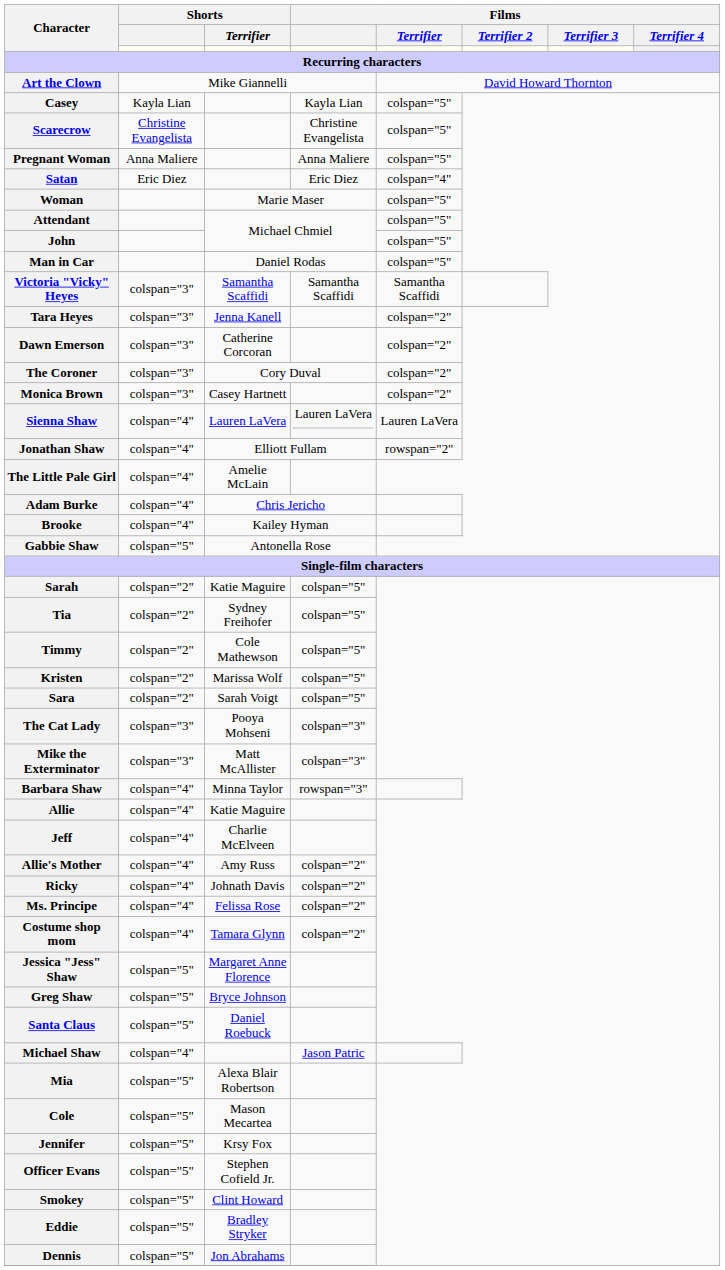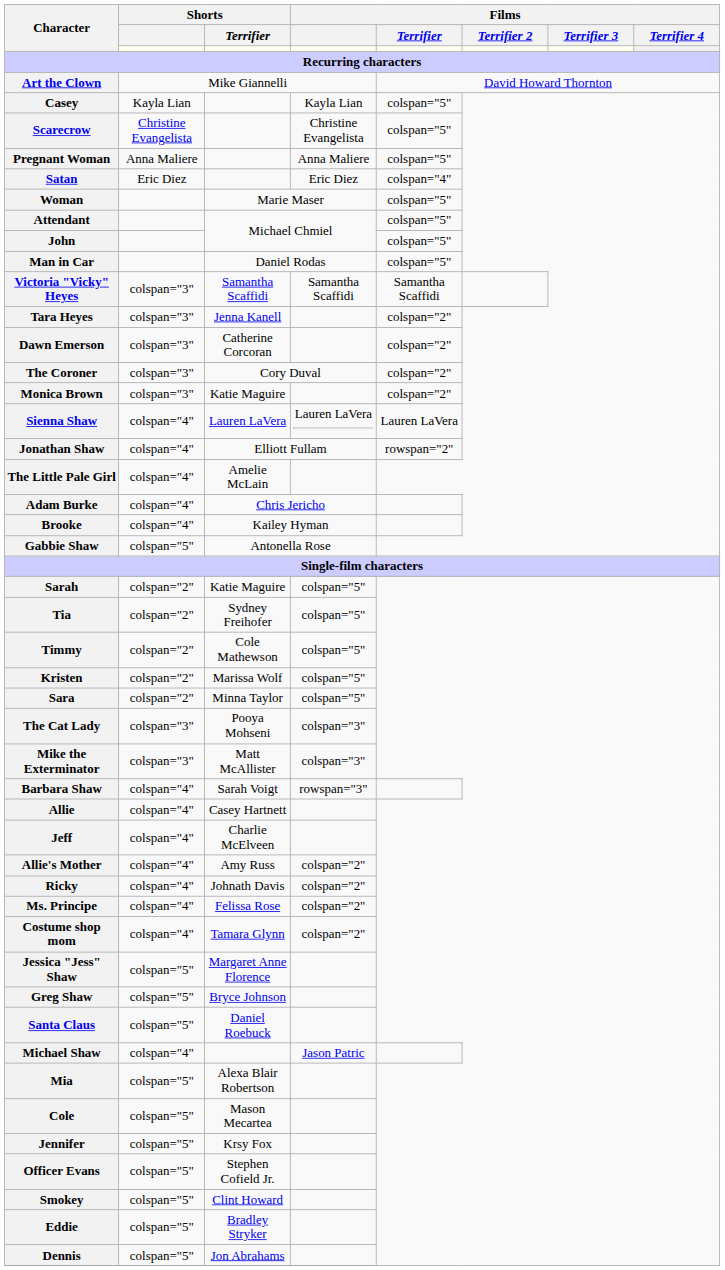 <table class="wikitable" style="text-align:center; width:100%; font-size:100%">
 <tr>
 <th rowspan="3">Character</th>
 <th colspan="2" align="center">Shorts</th>
 <th colspan="5" align="center">Films</th>
 </tr>
 <tr>
 <th align="center" width="12%"><em></em></th>
 <th align="center" width="12%"><em>Terrifier</em></th>
 <th align="center" width="12%"><em></em></th>
 <th align="center" width="12%"><em><a href='#'>Terrifier</a></em></th>
 <th align="center" width="12%"><em><a href='#'>Terrifier 2</a></em></th>
 <th align="center" width="12%"><em><a href='#'>Terrifier 3</a></em></th>
 <th align="center" width="12%"><em><a href='#'>Terrifier 4</a></em></th>
 </tr>
 <tr>
 <th style="background:ivory;"></th>
 <th style="background:ivory;"></th>
 <th style="background:ivory;"></th>
 <th style="background:ivory;"></th>
 <th style="background:ivory;"></th>
 <th style="background:ivory;"></th>
 <th></th>
 </tr>
 <tr>
 <th colspan="8" style="background:#ccf;">Recurring characters</th>
 </tr>
 <tr>
 <th><a href='#'>Art the Clown</a></th>
 <td colspan="3">Mike Giannelli</td>
 <td colspan="4"><a href='#'>David Howard Thornton</a></td>
 </tr>
 <tr>
 <th>Casey</th>
 <td>Kayla Lian</td>
 <td></td>
 <td>Kayla Lian</td>
 <td>colspan="5" </td>
 </tr>
 <tr>
 <th><a href='#'>Scarecrow</a></th>
 <td><a href='#'>Christine Evangelista</a></td>
 <td></td>
 <td>Christine Evangelista</td>
 <td>colspan="5" </td>
 </tr>
 <tr>
 <th>Pregnant Woman</th>
 <td>Anna Maliere</td>
 <td></td>
 <td>Anna Maliere</td>
 <td>colspan="5" </td>
 </tr>
 <tr>
 <th><a href='#'>Satan</a></th>
 <td>Eric Diez</td>
 <td></td>
 <td>Eric Diez</td>
 <td>colspan="4" </td>
 </tr>
 <tr>
 <th>Woman</th>
 <td></td>
 <td colspan="2">Marie Maser</td>
 <td>colspan="5" </td>
 </tr>
 <tr>
 <th>Attendant</th>
 <td></td>
 <td colspan="2" rowspan="2">Michael Chmiel</td>
 <td>colspan="5" </td>
 </tr>
 <tr>
 <th>John</th>
 <td></td>
 <td>colspan="5" </td>
 </tr>
 <tr>
 <th>Man in Car</th>
 <td></td>
 <td colspan="2">Daniel Rodas</td>
 <td>colspan="5" </td>
 </tr>
 <tr>
 <th><a href='#'>Victoria "Vicky" Heyes</a></th>
 <td>colspan="3" </td>
 <td><a href='#'>Samantha Scaffidi</a></td>
 <td>Samantha Scaffidi</td>
 <td>Samantha Scaffidi</td>
 <td></td>
 </tr>
 <tr>
 <th>Tara Heyes</th>
 <td>colspan="3" </td>
 <td><a href='#'>Jenna Kanell</a></td>
 <td></td>
 <td>colspan="2" </td>
 </tr>
 <tr>
 <th>Dawn Emerson</th>
 <td>colspan="3" </td>
 <td>Catherine Corcoran</td>
 <td></td>
 <td>colspan="2" </td>
 </tr>
 <tr>
 <th>The Coroner</th>
 <td>colspan="3" </td>
 <td colspan="2">Cory Duval</td>
 <td>colspan="2" </td>
 </tr>
 <tr>
 <th>Monica Brown</th>
 <td>colspan="3" </td>
-<td>Casey Hartnett</td>
+<td>Katie Maguire</td>
 <td></td>
 <td>colspan="2" </td>
 </tr>
 <tr>
 <th><a href='#'>Sienna Shaw</a></th>
 <td>colspan="4" </td>
 <td><a href='#'>Lauren LaVera</a></td>
 <td>Lauren LaVera<hr></td>
 <td>Lauren LaVera</td>
 </tr>
 <tr>
 <th>Jonathan Shaw</th>
 <td>colspan="4" </td>
 <td colspan="2">Elliott Fullam</td>
 <td>rowspan="2" </td>
 </tr>
 <tr>
 <th>The Little Pale Girl<br></th>
 <td>colspan="4" </td>
 <td>Amelie McLain</td>
 <td></td>
 </tr>
 <tr>
 <th>Adam Burke</th>
 <td>colspan="4" </td>
 <td colspan="2"><a href='#'>Chris Jericho</a></td>
 <td></td>
 </tr>
 <tr>
 <th>Brooke</th>
 <td>colspan="4" </td>
 <td colspan="2">Kailey Hyman</td>
 <td></td>
 </tr>
 <tr>
 <th>Gabbie Shaw</th>
 <td>colspan="5" </td>
 <td colspan="2">Antonella Rose</td>
 </tr>
 <tr>
 <th colspan="8" style="background:#ccf;">Single-film characters</th>
 </tr>
 <tr>
 <th>Sarah</th>
 <td>colspan="2" </td>
 <td>Katie Maguire</td>
 <td>colspan="5" </td>
 </tr>
 <tr>
 <th>Tia</th>
 <td>colspan="2" </td>
 <td>Sydney Freihofer</td>
 <td>colspan="5" </td>
 </tr>
 <tr>
 <th>Timmy</th>
 <td>colspan="2" </td>
 <td>Cole Mathewson</td>
 <td>colspan="5" </td>
 </tr>
 <tr>
 <th>Kristen</th>
 <td>colspan="2" </td>
 <td>Marissa Wolf</td>
 <td>colspan="5" </td>
 </tr>
 <tr>
 <th>Sara</th>
 <td>colspan="2" </td>
-<td>Sarah Voigt</td>
+<td>Minna Taylor</td>
 <td>colspan="5" </td>
 </tr>
 <tr>
 <th>The Cat Lady</th>
 <td>colspan="3" </td>
 <td>Pooya Mohseni</td>
 <td>colspan="3" </td>
 </tr>
 <tr>
 <th>Mike the Exterminator</th>
 <td>colspan="3" </td>
 <td>Matt McAllister</td>
 <td>colspan="3" </td>
 </tr>
 <tr>
 <th>Barbara Shaw</th>
 <td>colspan="4" </td>
-<td>Minna Taylor</td>
+<td>Sarah Voigt</td>
 <td>rowspan="3" </td>
 <td></td>
 </tr>
 <tr>
 <th>Allie</th>
 <td>colspan="4" </td>
-<td>Katie Maguire</td>
+<td>Casey Hartnett</td>
 <td></td>
 </tr>
 <tr>
 <th>Jeff</th>
 <td>colspan="4" </td>
 <td>Charlie McElveen</td>
 <td></td>
 </tr>
 <tr>
 <th>Allie's Mother</th>
 <td>colspan="4" </td>
 <td>Amy Russ</td>
 <td>colspan="2" </td>
 </tr>
 <tr>
 <th>Ricky</th>
 <td>colspan="4" </td>
 <td>Johnath Davis</td>
 <td>colspan="2" </td>
 </tr>
 <tr>
 <th>Ms. Principe</th>
 <td>colspan="4" </td>
 <td><a href='#'>Felissa Rose</a></td>
 <td>colspan="2" </td>
 </tr>
 <tr>
 <th>Costume shop mom</th>
 <td>colspan="4" </td>
 <td><a href='#'>Tamara Glynn</a></td>
 <td>colspan="2" </td>
 </tr>
 <tr>
 <th>Jessica "Jess" Shaw</th>
 <td>colspan="5" </td>
 <td><a href='#'>Margaret Anne Florence</a></td>
 <td></td>
 </tr>
 <tr>
 <th>Greg Shaw</th>
 <td>colspan="5" </td>
 <td><a href='#'>Bryce Johnson</a></td>
 <td></td>
 </tr>
 <tr>
 <th><a href='#'>Santa Claus</a></th>
 <td>colspan="5" </td>
 <td><a href='#'>Daniel Roebuck</a></td>
 <td></td>
 </tr>
 <tr>
 <th>Michael Shaw</th>
 <td>colspan="4" </td>
 <td></td>
 <td><a href='#'>Jason Patric</a></td>
 <td></td>
 </tr>
 <tr>
 <th>Mia</th>
 <td>colspan="5" </td>
 <td>Alexa Blair Robertson</td>
 <td></td>
 </tr>
 <tr>
 <th>Cole</th>
 <td>colspan="5" </td>
 <td>Mason Mecartea</td>
 <td></td>
 </tr>
 <tr>
 <th>Jennifer</th>
 <td>colspan="5" </td>
 <td>Krsy Fox</td>
 <td></td>
 </tr>
 <tr>
 <th>Officer Evans</th>
 <td>colspan="5" </td>
 <td>Stephen Cofield Jr.</td>
 <td></td>
 </tr>
 <tr>
 <th>Smokey</th>
 <td>colspan="5" </td>
 <td><a href='#'>Clint Howard</a></td>
 <td></td>
 </tr>
 <tr>
 <th>Eddie</th>
 <td>colspan="5" </td>
 <td><a href='#'>Bradley Stryker</a></td>
 <td></td>
 </tr>
 <tr>
 <th>Dennis</th>
 <td>colspan="5" </td>
 <td><a href='#'>Jon Abrahams</a></td>
 <td></td>
 </tr>
 <tr>
 </tr>
 </table>
